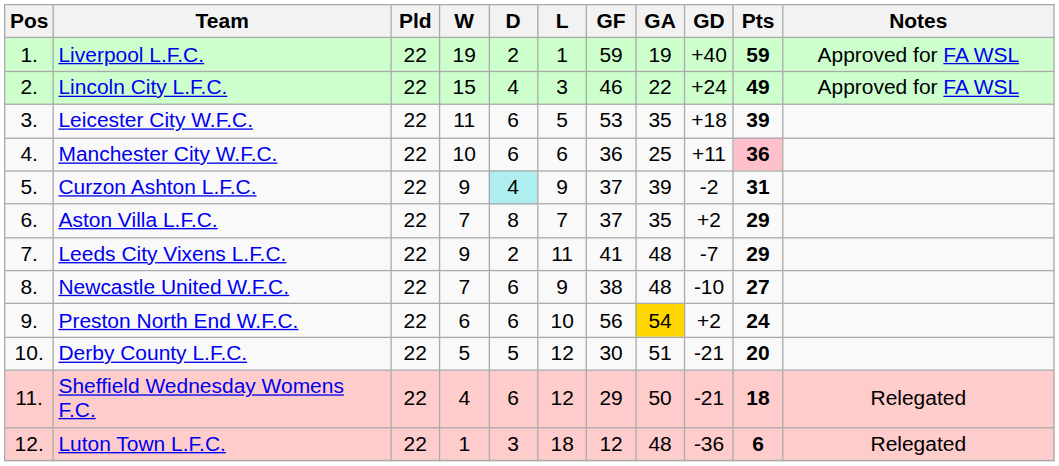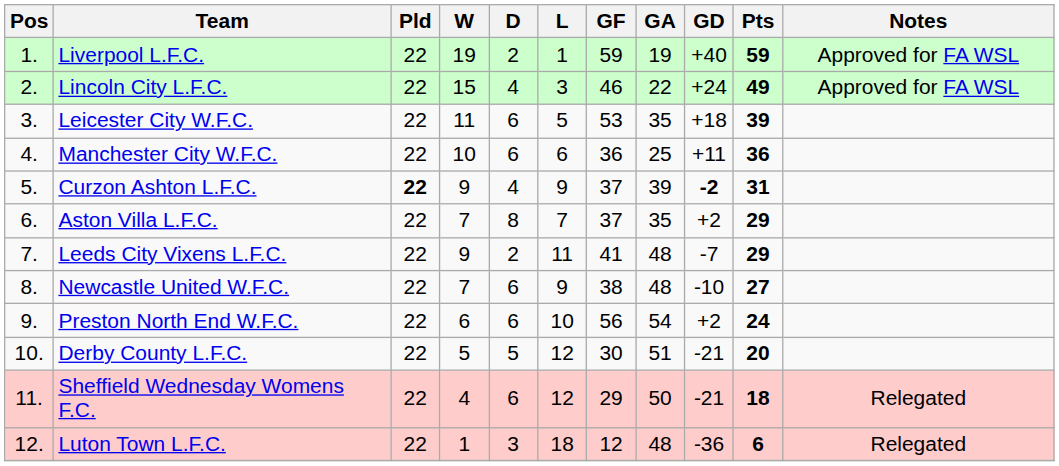 <table class="wikitable" style="text-align:center;">
 <tr>
 <th width=30 abbr="Position">Pos</th>
 <th width=250>Team</th>
 <th width=30 abbr="Played">Pld</th>
 <th width=30 abbr="Won">W</th>
 <th width=30 abbr="Drawn">D</th>
 <th width=30 abbr="Lost">L</th>
 <th width=30 abbr="Goals for">GF</th>
 <th width=30 abbr="Goals against">GA</th>
 <th width=30 abbr="Goal difference">GD</th>
 <th width=30 abbr="Points">Pts</th>
 <th width=200>Notes</th>
 </tr>
 <tr bgcolor="#ccffcc">
 <td>1.</td>
 <td align="left"><a href='#'>Liverpool L.F.C.</a></td>
 <td>22</td>
 <td>19</td>
 <td>2</td>
 <td>1</td>
 <td>59</td>
 <td>19</td>
 <td>+40</td>
 <td><strong>59</strong></td>
 <td>Approved for <a href='#'>FA WSL</a></td>
 </tr>
 <tr bgcolor="#ccffcc">
 <td>2.</td>
 <td align="left"><a href='#'>Lincoln City L.F.C.</a></td>
 <td>22</td>
 <td>15</td>
 <td>4</td>
 <td>3</td>
 <td>46</td>
 <td>22</td>
 <td>+24</td>
 <td><strong>49</strong></td>
 <td>Approved for <a href='#'>FA WSL</a></td>
 </tr>
 <tr>
 <td>3.</td>
 <td align="left"><a href='#'>Leicester City W.F.C.</a></td>
 <td>22</td>
 <td>11</td>
 <td>6</td>
 <td>5</td>
 <td>53</td>
 <td>35</td>
 <td>+18</td>
 <td><strong>39</strong></td>
 <td></td>
 </tr>
 <tr>
 <td>4.</td>
 <td align="left"><a href='#'>Manchester City W.F.C.</a></td>
 <td>22</td>
 <td>10</td>
 <td>6</td>
 <td>6</td>
 <td>36</td>
 <td>25</td>
 <td>+11</td>
-<td style="background: pink;"><strong>36</strong></td>
+<td><strong>36</strong></td>
 <td></td>
 </tr>
 <tr>
 <td>5.</td>
 <td align="left"><a href='#'>Curzon Ashton L.F.C.</a></td>
-<td>22</td>
+<td><strong>22</strong></td>
 <td>9</td>
-<td style="background: paleturquoise;">4</td>
+<td>4</td>
 <td>9</td>
 <td>37</td>
 <td>39</td>
-<td>-2</td>
+<td><strong>-2</strong></td>
 <td><strong>31</strong></td>
 <td></td>
 </tr>
 <tr>
 <td>6.</td>
 <td align="left"><a href='#'>Aston Villa L.F.C.</a></td>
 <td>22</td>
 <td>7</td>
 <td>8</td>
 <td>7</td>
 <td>37</td>
 <td>35</td>
 <td>+2</td>
 <td><strong>29</strong></td>
 <td></td>
 </tr>
 <tr>
 <td>7.</td>
 <td align="left"><a href='#'>Leeds City Vixens L.F.C.</a></td>
 <td>22</td>
 <td>9</td>
 <td>2</td>
 <td>11</td>
 <td>41</td>
 <td>48</td>
 <td>-7</td>
 <td><strong>29</strong></td>
 <td></td>
 </tr>
 <tr>
 <td>8.</td>
 <td align="left"><a href='#'>Newcastle United W.F.C.</a></td>
 <td>22</td>
 <td>7</td>
 <td>6</td>
 <td>9</td>
 <td>38</td>
 <td>48</td>
 <td>-10</td>
 <td><strong>27</strong></td>
 <td></td>
 </tr>
 <tr>
 <td>9.</td>
 <td align="left"><a href='#'>Preston North End W.F.C.</a></td>
 <td>22</td>
 <td>6</td>
 <td>6</td>
 <td>10</td>
 <td>56</td>
-<td style="background: gold;">54</td>
+<td>54</td>
 <td>+2</td>
 <td><strong>24</strong></td>
 <td></td>
 </tr>
 <tr>
 <td>10.</td>
 <td align="left"><a href='#'>Derby County L.F.C.</a></td>
 <td>22</td>
 <td>5</td>
 <td>5</td>
 <td>12</td>
 <td>30</td>
 <td>51</td>
 <td>-21</td>
 <td><strong>20</strong></td>
 <td></td>
 </tr>
 <tr bgcolor="FFCCCC">
 <td>11.</td>
 <td align="left"><a href='#'>Sheffield Wednesday Womens F.C.</a></td>
 <td>22</td>
 <td>4</td>
 <td>6</td>
 <td>12</td>
 <td>29</td>
 <td>50</td>
 <td>-21</td>
 <td><strong>18</strong></td>
 <td>Relegated</td>
 </tr>
 <tr bgcolor="FFCCCC">
 <td>12.</td>
 <td align="left"><a href='#'>Luton Town L.F.C.</a></td>
 <td>22</td>
 <td>1</td>
 <td>3</td>
 <td>18</td>
 <td>12</td>
 <td>48</td>
 <td>-36</td>
 <td><strong>6</strong></td>
 <td>Relegated</td>
 </tr>
 <tr>
 </tr>
 </table>
